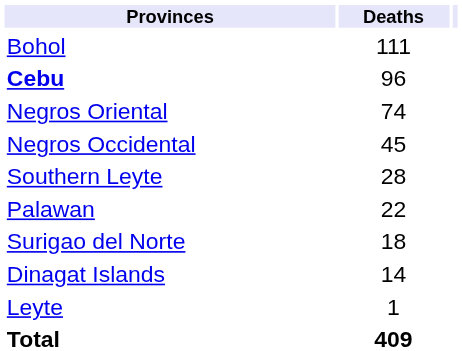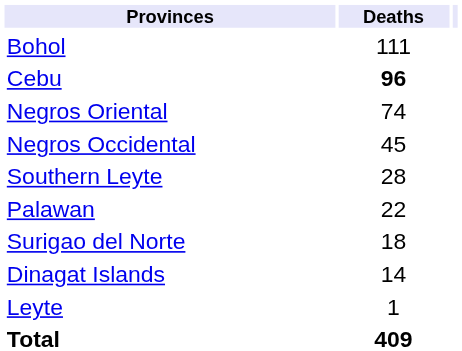 <table class="toccolours" style="font-size:88%; float:right; clear:right; margin:0.5em 0 0.5em 1em; width:20em;">
 <tr style="padding: 0; margin: 0">
 <td colspan="6" style="padding: 0; margin: 0"></td>
 </tr>
 <tr style="font-size:80%;background:lavender">
 <th>Provinces</th>
 <th>Deaths</th>
 <th rowspan=1></th>
 </tr>
 <tr>
 <td align="left"><a href='#'>Bohol</a></td>
 <td style="text-align:center;">111</td>
 <td></td>
 </tr>
 <tr>
-<td align="left"><strong><a href='#'>Cebu</a></strong></td>
-<td style="text-align:center;">96</td>
+<td align="left"><a href='#'>Cebu</a></td>
+<td style="text-align:center;"><strong>96</strong></td>
 <td></td>
 </tr>
 <tr>
 <td align="left"><a href='#'>Negros Oriental</a></td>
 <td style="text-align:center;">74</td>
 <td></td>
 </tr>
 <tr>
 <td align="left"><a href='#'>Negros Occidental</a></td>
 <td style="text-align:center;">45</td>
 <td></td>
 </tr>
 <tr>
 <td align="left"><a href='#'>Southern Leyte</a></td>
 <td style="text-align:center;">28</td>
 <td></td>
 </tr>
 <tr>
 <td align="left"><a href='#'>Palawan</a></td>
 <td style="text-align:center;">22</td>
 <td></td>
 </tr>
 <tr>
 <td align="left"><a href='#'>Surigao del Norte</a></td>
 <td style="text-align:center;">18</td>
 <td></td>
 </tr>
 <tr>
 <td align="left"><a href='#'>Dinagat Islands</a></td>
 <td style="text-align:center;">14</td>
 <td></td>
 </tr>
 <tr>
 <td align="left"><a href='#'>Leyte</a></td>
 <td style="text-align:center;">1</td>
 <td></td>
 </tr>
 <tr>
 <td align="left"><strong>Total</strong></td>
 <td style="text-align:center;"><strong>409</strong></td>
 </tr>
 <tr style="padding: 0; margin: 0">
 <td colspan="6" style="padding: 0; margin: 0"></td>
 </tr>
 </table>
